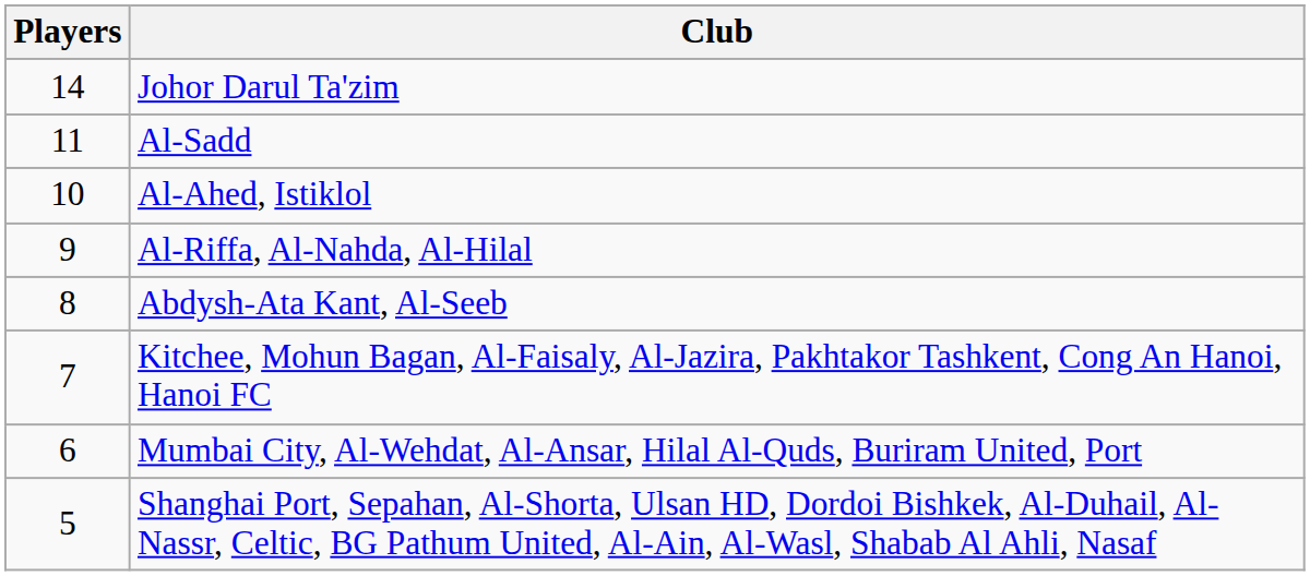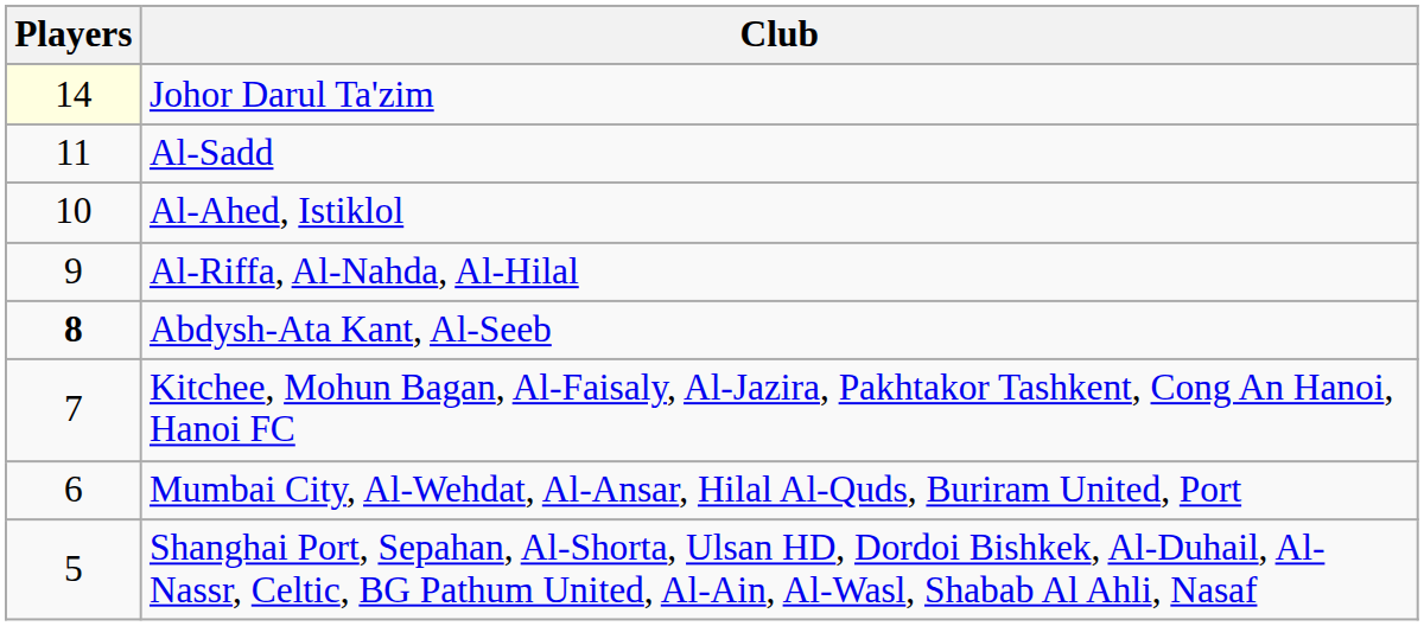 <table class="wikitable">
 <tr>
 <th>Players</th>
 <th>Club</th>
 </tr>
 <tr>
-<td align="center">14</td>
+<td align="center" style="background: lightyellow;">14</td>
 <td> <a href='#'>Johor Darul Ta'zim</a></td>
 </tr>
 <tr>
 <td align="center">11</td>
 <td> <a href='#'>Al-Sadd</a></td>
 </tr>
 <tr>
 <td align="center">10</td>
 <td> <a href='#'>Al-Ahed</a>,  <a href='#'>Istiklol</a></td>
 </tr>
 <tr>
 <td align="center">9</td>
 <td> <a href='#'>Al-Riffa</a>,  <a href='#'>Al-Nahda</a>,  <a href='#'>Al-Hilal</a></td>
 </tr>
 <tr>
-<td align="center">8</td>
+<td align="center"><strong>8</strong></td>
 <td> <a href='#'>Abdysh-Ata Kant</a>,  <a href='#'>Al-Seeb</a></td>
 </tr>
 <tr>
 <td align="center">7</td>
 <td> <a href='#'>Kitchee</a>,  <a href='#'>Mohun Bagan</a>,  <a href='#'>Al-Faisaly</a>,  <a href='#'>Al-Jazira</a>,  <a href='#'>Pakhtakor Tashkent</a>,  <a href='#'>Cong An Hanoi</a>,  <a href='#'>Hanoi FC</a></td>
 </tr>
 <tr>
 <td align="center">6</td>
 <td> <a href='#'>Mumbai City</a>,  <a href='#'>Al-Wehdat</a>,  <a href='#'>Al-Ansar</a>,  <a href='#'>Hilal Al-Quds</a>,  <a href='#'>Buriram United</a>,  <a href='#'>Port</a></td>
 </tr>
 <tr>
 <td align="center">5</td>
 <td> <a href='#'>Shanghai Port</a>,  <a href='#'>Sepahan</a>,  <a href='#'>Al-Shorta</a>,  <a href='#'>Ulsan HD</a>,  <a href='#'>Dordoi Bishkek</a>,  <a href='#'>Al-Duhail</a>,  <a href='#'>Al-Nassr</a>,  <a href='#'>Celtic</a>,  <a href='#'>BG Pathum United</a>,  <a href='#'>Al-Ain</a>,  <a href='#'>Al-Wasl</a>,  <a href='#'>Shabab Al Ahli</a>,  <a href='#'>Nasaf</a></td>
 </tr>
 </table>
